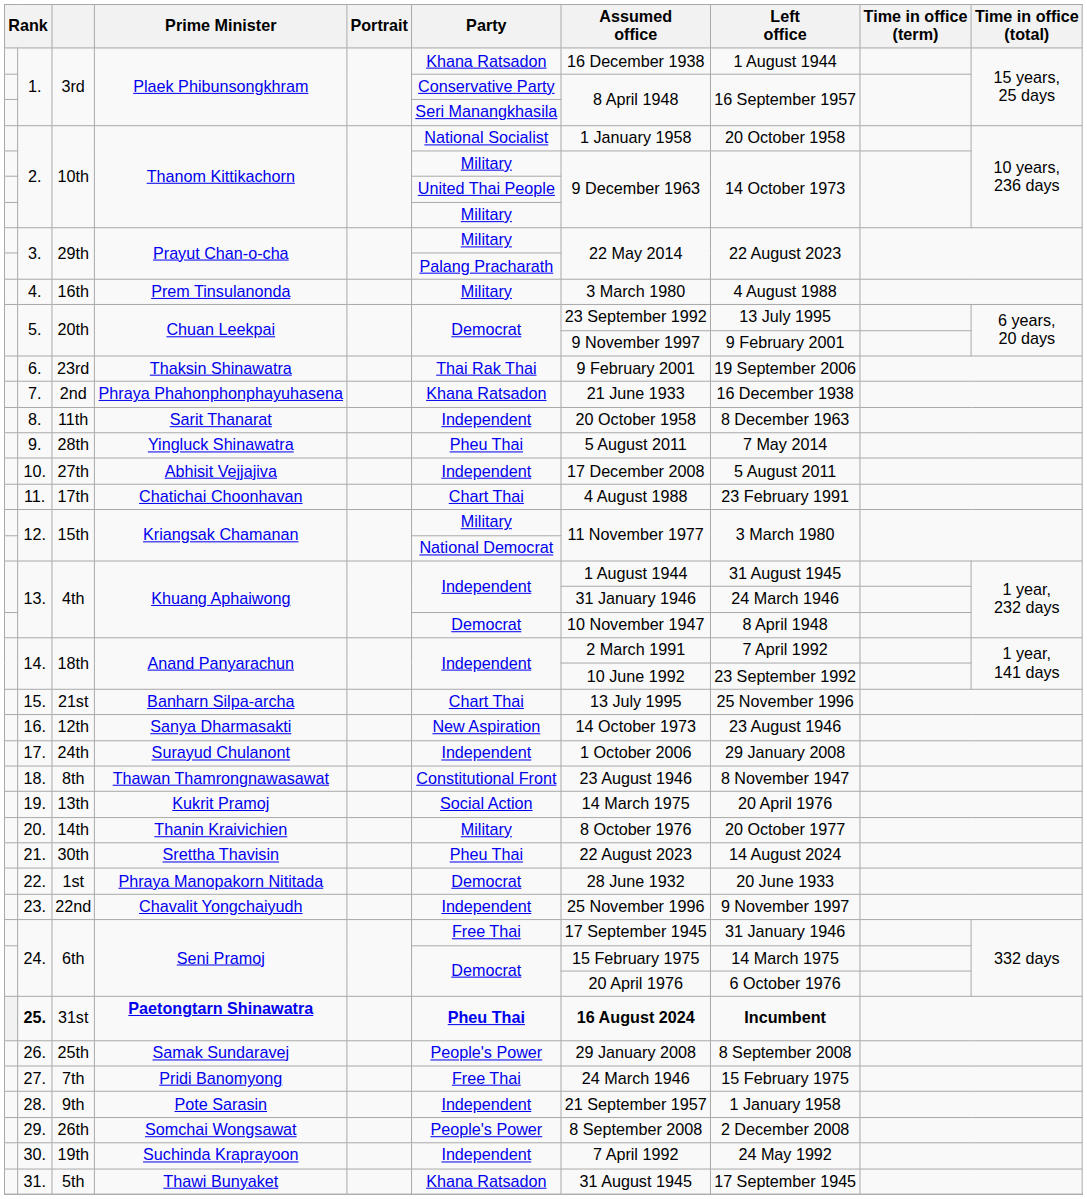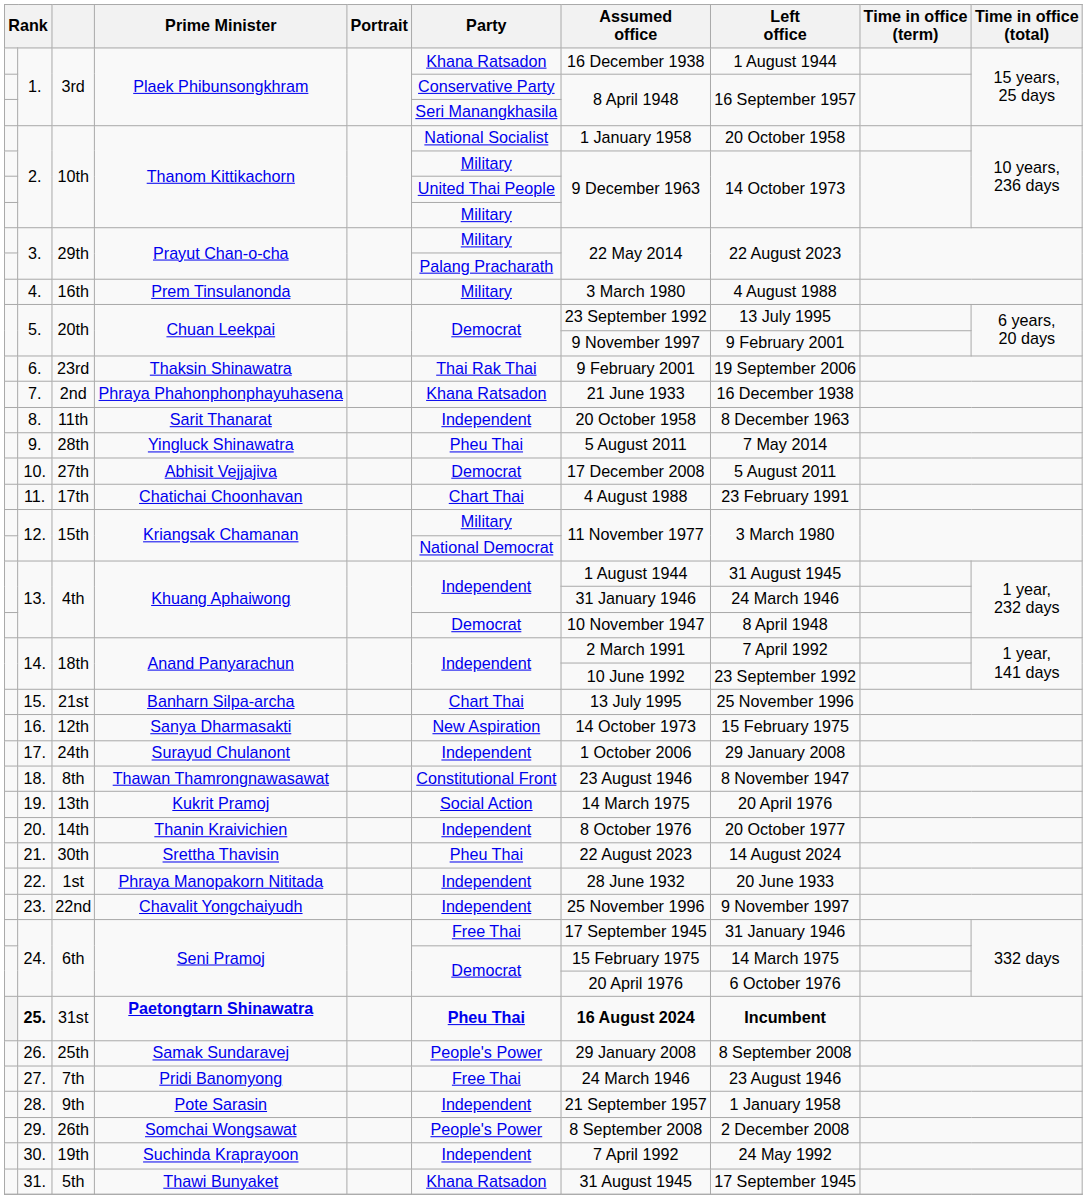 <table class="sortable wikitable" style="font-size: 100%; text-align:center;">
 <tr>
 <th colspan=2>Rank</th>
 <th></th>
 <th>Prime Minister</th>
 <th>Portrait</th>
 <th>Party</th>
 <th>Assumed<br>office</th>
 <th>Left<br>office</th>
 <th>Time in office<br>(term)</th>
 <th>Time in office<br>(total)</th>
 </tr>
 <tr>
 <td style="background:"> </td>
 <td rowspan=3>1.</td>
 <td rowspan=3>3rd</td>
 <td rowspan=3><a href='#'>Plaek Phibunsongkhram</a><br></td>
 <td rowspan=3></td>
 <td><a href='#'>Khana Ratsadon</a><br></td>
 <td>16 December 1938</td>
 <td>1 August 1944</td>
 <td><em></em></td>
 <td rowspan=3>15 years,<br>25 days</td>
 </tr>
 <tr>
 <td style="background:"> </td>
 <td><a href='#'>Conservative Party</a></td>
 <td rowspan=2>8 April 1948</td>
 <td rowspan=2>16 September 1957</td>
 <td rowspan=2><em></em></td>
 </tr>
 <tr>
 <td style="background:"> </td>
 <td><a href='#'>Seri Manangkhasila</a></td>
 </tr>
 <tr>
 <td style="background:"> </td>
 <td rowspan=4>2.</td>
 <td rowspan=4>10th</td>
 <td rowspan=4><a href='#'>Thanom Kittikachorn</a><br></td>
 <td rowspan=4></td>
 <td><a href='#'>National Socialist</a></td>
 <td>1 January 1958</td>
 <td>20 October 1958</td>
 <td><em></em></td>
 <td rowspan=4>10 years,<br>236 days</td>
 </tr>
 <tr>
 <td style="background:"> </td>
 <td><a href='#'>Military</a></td>
 <td rowspan=3>9 December 1963</td>
 <td rowspan=3>14 October 1973</td>
 <td rowspan=3><em></em></td>
 </tr>
 <tr>
 <td style="background:"> </td>
 <td><a href='#'>United Thai People</a></td>
 </tr>
 <tr>
 <td style="background:"> </td>
 <td><a href='#'>Military</a></td>
 </tr>
 <tr>
 <td style="background:"> </td>
 <td rowspan=2>3.</td>
 <td rowspan=2>29th</td>
 <td rowspan=2><a href='#'>Prayut Chan-o-cha</a><br></td>
 <td rowspan=2></td>
 <td><a href='#'>Military</a></td>
 <td rowspan=2>22 May 2014</td>
 <td rowspan=2>22 August 2023</td>
 <td rowspan=2 colspan=2></td>
 </tr>
 <tr>
 <td style="background:"> </td>
 <td><a href='#'>Palang Pracharath</a></td>
 </tr>
 <tr>
 <td style="background:"> </td>
 <td>4.</td>
 <td>16th</td>
 <td><a href='#'>Prem Tinsulanonda</a><br></td>
 <td></td>
 <td><a href='#'>Military</a></td>
 <td>3 March 1980</td>
 <td>4 August 1988</td>
 <td colspan=2></td>
 </tr>
 <tr>
 <td rowspan=2 style="background:"> </td>
 <td rowspan=2>5.</td>
 <td rowspan=2>20th</td>
 <td rowspan=2><a href='#'>Chuan Leekpai</a><br></td>
 <td rowspan=2></td>
 <td rowspan=2><a href='#'>Democrat</a></td>
 <td>23 September 1992</td>
 <td>13 July 1995</td>
 <td><em></em></td>
 <td rowspan=2>6 years,<br>20 days</td>
 </tr>
 <tr>
 <td>9 November 1997</td>
 <td>9 February 2001</td>
 <td><em></em></td>
 </tr>
 <tr>
 <td style="background:"> </td>
 <td>6.</td>
 <td>23rd</td>
 <td><a href='#'>Thaksin Shinawatra</a><br></td>
 <td></td>
 <td><a href='#'>Thai Rak Thai</a></td>
 <td>9 February 2001</td>
 <td>19 September 2006</td>
 <td colspan=2></td>
 </tr>
 <tr>
 <td style="background:"> </td>
 <td>7.</td>
 <td>2nd</td>
 <td><a href='#'>Phraya Phahonphonphayuhasena</a><br></td>
 <td></td>
 <td><a href='#'>Khana Ratsadon</a><br></td>
 <td>21 June 1933</td>
 <td>16 December 1938</td>
 <td colspan=2></td>
 </tr>
 <tr>
 <td style="background:"> </td>
 <td>8.</td>
 <td>11th</td>
 <td><a href='#'>Sarit Thanarat</a><br></td>
 <td></td>
 <td><a href='#'>Independent</a></td>
 <td>20 October 1958</td>
 <td>8 December 1963</td>
 <td colspan=2></td>
 </tr>
 <tr>
 <td style="background:"> </td>
 <td>9.</td>
 <td>28th</td>
 <td><a href='#'>Yingluck Shinawatra</a><br></td>
 <td></td>
 <td><a href='#'>Pheu Thai</a></td>
 <td>5 August 2011</td>
 <td>7 May 2014</td>
 <td colspan=2></td>
 </tr>
 <tr>
 <td style="background:"> </td>
 <td>10.</td>
 <td>27th</td>
 <td><a href='#'>Abhisit Vejjajiva</a><br></td>
 <td></td>
-<td><a href='#'>Independent</a></td>
+<td><a href='#'>Democrat</a></td>
 <td>17 December 2008</td>
 <td>5 August 2011</td>
 <td colspan=2></td>
 </tr>
 <tr>
 <td style="background:"> </td>
 <td>11.</td>
 <td>17th</td>
 <td><a href='#'>Chatichai Choonhavan</a><br></td>
 <td></td>
 <td><a href='#'>Chart Thai</a></td>
 <td>4 August 1988</td>
 <td>23 February 1991</td>
 <td colspan=2></td>
 </tr>
 <tr>
 <td style="background:"> </td>
 <td rowspan=2>12.</td>
 <td rowspan=2>15th</td>
 <td rowspan=2><a href='#'>Kriangsak Chamanan</a><br></td>
 <td rowspan=2></td>
 <td><a href='#'>Military</a></td>
 <td rowspan=2>11 November 1977</td>
 <td rowspan=2>3 March 1980</td>
 <td rowspan=2 colspan=2></td>
 </tr>
 <tr>
 <td style="background:"> </td>
 <td><a href='#'>National Democrat</a></td>
 </tr>
 <tr>
 <td rowspan=2 style="background:"> </td>
 <td rowspan=3>13.</td>
 <td rowspan=3>4th</td>
 <td rowspan=3><a href='#'>Khuang Aphaiwong</a><br></td>
 <td rowspan=3></td>
 <td rowspan=2><a href='#'>Independent</a></td>
 <td>1 August 1944</td>
 <td>31 August 1945</td>
 <td><em></em></td>
 <td rowspan=3>1 year,<br>232 days</td>
 </tr>
 <tr>
 <td>31 January 1946</td>
 <td>24 March 1946</td>
 <td><em></em></td>
 </tr>
 <tr>
 <td style="background:"> </td>
 <td><a href='#'>Democrat</a></td>
 <td>10 November 1947</td>
 <td>8 April 1948</td>
 <td><em></em></td>
 </tr>
 <tr>
 <td rowspan=2 style="background:"> </td>
 <td rowspan=2>14.</td>
 <td rowspan=2>18th</td>
 <td rowspan=2><a href='#'>Anand Panyarachun</a><br></td>
 <td rowspan=2></td>
 <td rowspan=2><a href='#'>Independent</a></td>
 <td>2 March 1991</td>
 <td>7 April 1992</td>
 <td><em></em></td>
 <td rowspan=2>1 year,<br>141 days</td>
 </tr>
 <tr>
 <td>10 June 1992</td>
 <td>23 September 1992</td>
 <td><em></em></td>
 </tr>
 <tr>
 <td style="background:"> </td>
 <td>15.</td>
 <td>21st</td>
 <td><a href='#'>Banharn Silpa-archa</a><br></td>
 <td></td>
 <td><a href='#'>Chart Thai</a></td>
 <td>13 July 1995</td>
 <td>25 November 1996</td>
 <td colspan=2></td>
 </tr>
 <tr>
 <td style="background:"> </td>
 <td>16.</td>
 <td>12th</td>
 <td><a href='#'>Sanya Dharmasakti</a><br></td>
 <td></td>
 <td><a href='#'>New Aspiration</a></td>
 <td>14 October 1973</td>
-<td>23 August 1946</td>
+<td>15 February 1975</td>
 <td colspan=2></td>
 </tr>
 <tr>
 <td style="background:"> </td>
 <td>17.</td>
 <td>24th</td>
 <td><a href='#'>Surayud Chulanont</a><br></td>
 <td></td>
 <td><a href='#'>Independent</a></td>
 <td>1 October 2006</td>
 <td>29 January 2008</td>
 <td colspan=2></td>
 </tr>
 <tr>
 <td style="background:"> </td>
 <td>18.</td>
 <td>8th</td>
 <td><a href='#'>Thawan Thamrongnawasawat</a><br></td>
 <td></td>
 <td><a href='#'>Constitutional Front</a></td>
 <td>23 August 1946</td>
 <td>8 November 1947</td>
 <td colspan=2></td>
 </tr>
 <tr>
 <td style="background:"> </td>
 <td>19.</td>
 <td>13th</td>
 <td><a href='#'>Kukrit Pramoj</a><br></td>
 <td></td>
 <td><a href='#'>Social Action</a></td>
 <td>14 March 1975</td>
 <td>20 April 1976</td>
 <td colspan=2></td>
 </tr>
 <tr>
 <td style="background:"> </td>
 <td>20.</td>
 <td>14th</td>
 <td><a href='#'>Thanin Kraivichien</a><br></td>
 <td></td>
-<td><a href='#'>Military</a></td>
+<td><a href='#'>Independent</a></td>
 <td>8 October 1976</td>
 <td>20 October 1977</td>
 <td colspan=2></td>
 </tr>
 <tr>
 <td style="background:"> </td>
 <td>21.</td>
 <td>30th</td>
 <td><a href='#'>Srettha Thavisin</a><br></td>
 <td></td>
 <td><a href='#'>Pheu Thai</a></td>
 <td>22 August 2023</td>
 <td>14 August 2024</td>
 <td colspan=2></td>
 </tr>
 <tr>
 <td style="background:"> </td>
 <td>22.</td>
 <td>1st</td>
 <td><a href='#'>Phraya Manopakorn Nititada</a><br></td>
 <td></td>
-<td><a href='#'>Democrat</a></td>
+<td><a href='#'>Independent</a></td>
 <td>28 June 1932</td>
 <td>20 June 1933</td>
 <td colspan=2></td>
 </tr>
 <tr>
 <td style="background:"> </td>
 <td>23.</td>
 <td>22nd</td>
 <td><a href='#'>Chavalit Yongchaiyudh</a><br></td>
 <td></td>
 <td><a href='#'>Independent</a></td>
 <td>25 November 1996</td>
 <td>9 November 1997</td>
 <td colspan=2></td>
 </tr>
 <tr>
 <td style="background:"> </td>
 <td rowspan=3>24.</td>
 <td rowspan=3>6th</td>
 <td rowspan=3><a href='#'>Seni Pramoj</a><br></td>
 <td rowspan=3></td>
 <td><a href='#'>Free Thai</a></td>
 <td>17 September 1945</td>
 <td>31 January 1946</td>
 <td><em></em></td>
 <td rowspan=3>332 days</td>
 </tr>
 <tr>
 <td rowspan=2 style="background:"> </td>
 <td rowspan=2><a href='#'>Democrat</a></td>
 <td>15 February 1975</td>
 <td>14 March 1975</td>
 <td><em></em></td>
 </tr>
 <tr>
 <td>20 April 1976</td>
 <td>6 October 1976</td>
 <td><em></em></td>
 </tr>
 <tr>
 <th style="background:"></th>
 <td><strong>25.</strong></td>
 <td>31st</td>
 <td><strong><a href='#'>Paetongtarn Shinawatra</a></strong><br><br></td>
 <td></td>
 <td><strong><a href='#'>Pheu Thai</a></strong></td>
 <td><strong>16 August 2024</strong></td>
 <td><strong>Incumbent</strong></td>
 <td colspan=2><strong></strong></td>
 </tr>
 <tr>
 <td style="background:"> </td>
 <td>26.</td>
 <td>25th</td>
 <td><a href='#'>Samak Sundaravej</a><br></td>
 <td></td>
 <td><a href='#'>People's Power</a></td>
 <td>29 January 2008</td>
 <td>8 September 2008</td>
 <td colspan=2></td>
 </tr>
 <tr>
 <td style="background:"> </td>
 <td>27.</td>
 <td>7th</td>
 <td><a href='#'>Pridi Banomyong</a><br></td>
 <td></td>
 <td><a href='#'>Free Thai</a></td>
 <td>24 March 1946</td>
-<td>15 February 1975</td>
+<td>23 August 1946</td>
 <td colspan=2></td>
 </tr>
 <tr>
 <td style="background:"> </td>
 <td>28.</td>
 <td>9th</td>
 <td><a href='#'>Pote Sarasin</a><br></td>
 <td></td>
 <td><a href='#'>Independent</a></td>
 <td>21 September 1957</td>
 <td>1 January 1958</td>
 <td colspan=2></td>
 </tr>
 <tr>
 <td style="background:"> </td>
 <td>29.</td>
 <td>26th</td>
 <td><a href='#'>Somchai Wongsawat</a><br></td>
 <td></td>
 <td><a href='#'>People's Power</a></td>
 <td>8 September 2008</td>
 <td>2 December 2008</td>
 <td colspan=2></td>
 </tr>
 <tr>
 <td style="background:"> </td>
 <td>30.</td>
 <td>19th</td>
 <td><a href='#'>Suchinda Kraprayoon</a><br></td>
 <td></td>
 <td><a href='#'>Independent</a></td>
 <td>7 April 1992</td>
 <td>24 May 1992</td>
 <td colspan=2></td>
 </tr>
 <tr>
 <td style="background:"> </td>
 <td>31.</td>
 <td>5th</td>
 <td><a href='#'>Thawi Bunyaket</a><br></td>
 <td></td>
 <td><a href='#'>Khana Ratsadon</a><br></td>
 <td>31 August 1945</td>
 <td>17 September 1945</td>
 <td colspan=2></td>
 </tr>
 <tr>
 </tr>
 </table>
